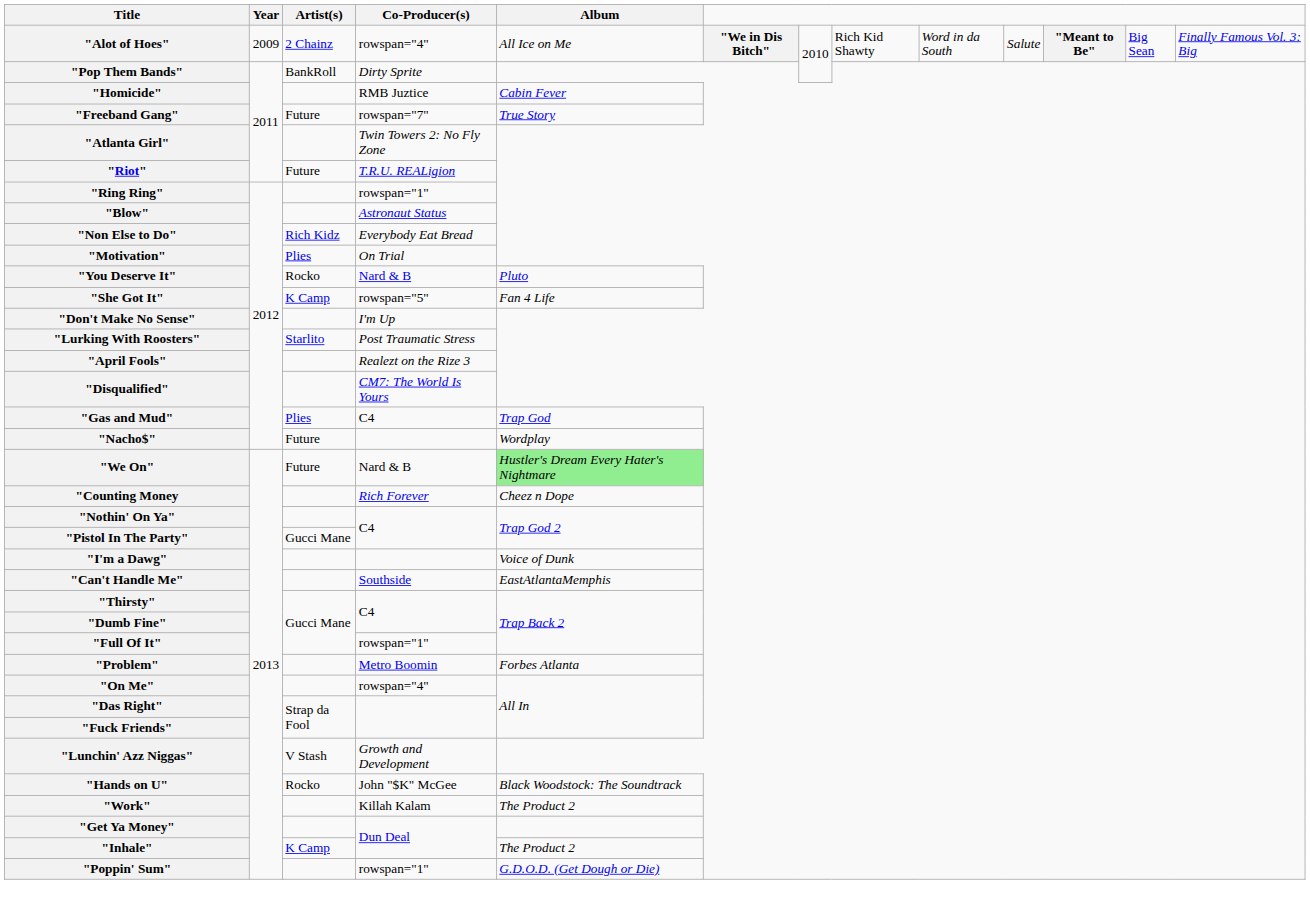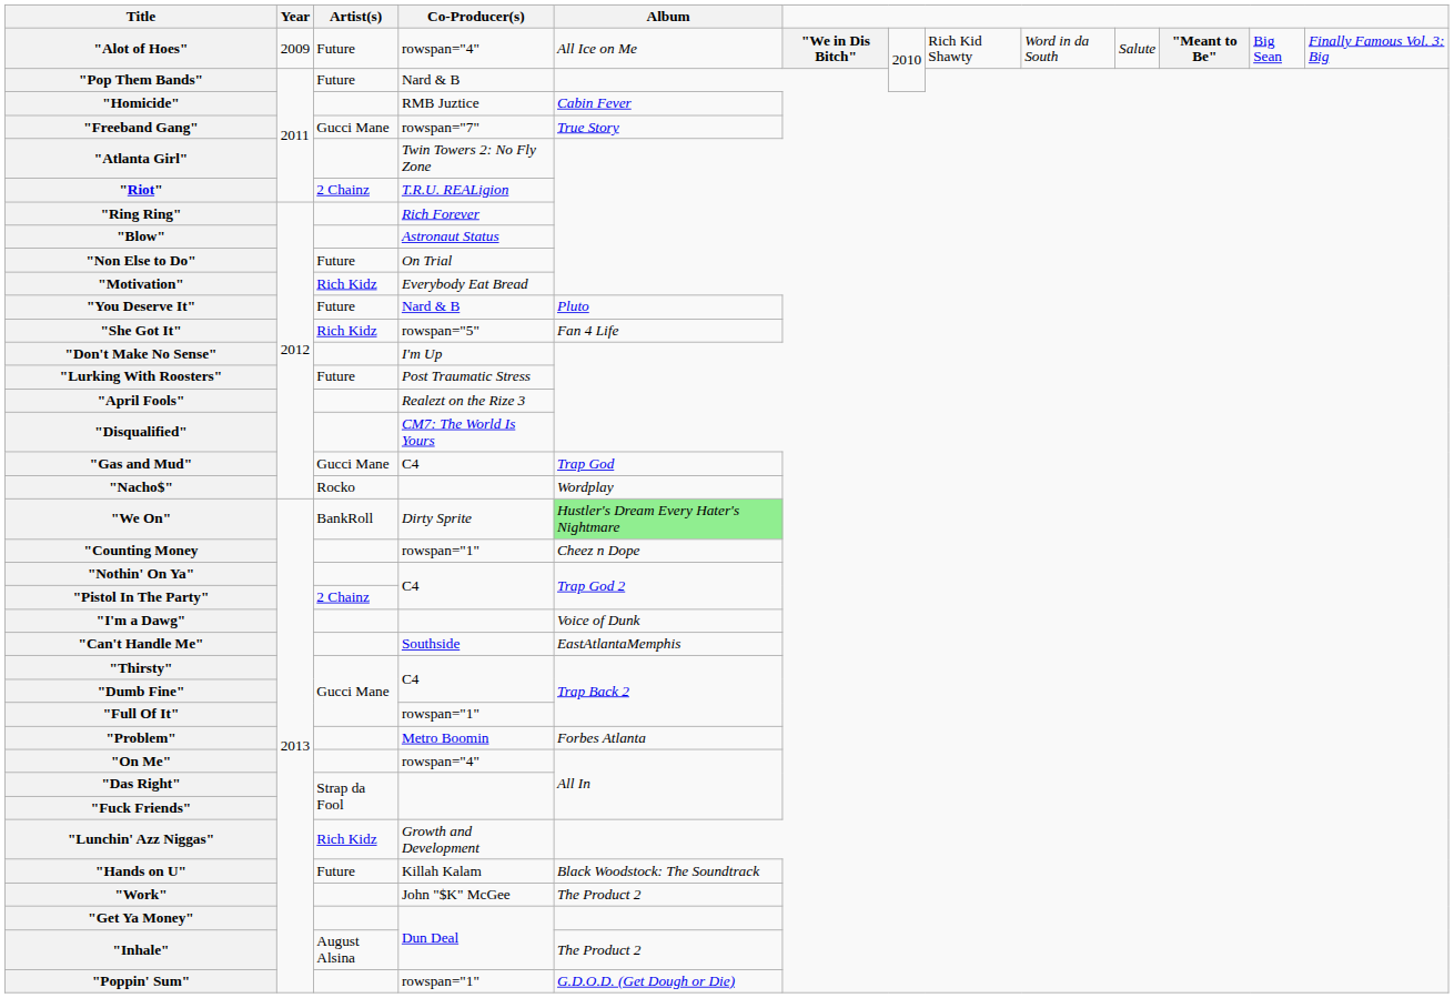 <table class="wikitable plainrowheaders">
 <tr>
 <th scope="col" style="width:18em;">Title</th>
 <th scope="col">Year</th>
 <th scope="col">Artist(s)</th>
 <th scope="col">Co-Producer(s)</th>
 <th scope="col">Album</th>
 </tr>
 <tr>
 <th scope="row">"Alot of Hoes"</th>
 <td rowspan="1">2009</td>
-<td><a href='#'>2 Chainz</a></td>
+<td>Future</td>
 <td>rowspan="4" </td>
 <td><em>All Ice on Me</em></td>
 <th scope="row">"We in Dis Bitch"</th>
 <td rowspan="2">2010</td>
 <td>Rich Kid Shawty</td>
 <td><em>Word in da South</em></td>
 <td><em>Salute</em></td>
 <th scope="row">"Meant to Be"</th>
 <td><a href='#'>Big Sean</a></td>
 <td><em><a href='#'>Finally Famous Vol. 3: Big</a></em></td>
 </tr>
 <tr>
 <th scope="row">"Pop Them Bands"</th>
 <td rowspan="5">2011</td>
-<td>BankRoll</td>
-<td><em>Dirty Sprite</em></td>
+<td>Future</td>
+<td>Nard & B</td>
 </tr>
 <tr>
 <th scope="row">"Homicide"</th>
 <td></td>
 <td>RMB Juztice</td>
 <td><em><a href='#'>Cabin Fever</a></em></td>
 </tr>
 <tr>
 <th scope="row">"Freeband Gang"</th>
-<td>Future</td>
+<td>Gucci Mane</td>
 <td>rowspan="7" </td>
 <td><em><a href='#'>True Story</a></em></td>
 </tr>
 <tr>
 <th scope="row">"Atlanta Girl"</th>
 <td></td>
 <td><em>Twin Towers 2: No Fly Zone</em></td>
 </tr>
 <tr>
 <th scope="row">"<a href='#'>Riot</a>"</th>
-<td>Future</td>
+<td><a href='#'>2 Chainz</a></td>
 <td><em><a href='#'>T.R.U. REALigion</a></em></td>
 </tr>
 <tr>
 <th scope="row">"Ring Ring"</th>
 <td rowspan="12">2012</td>
 <td></td>
-<td>rowspan="1" </td>
+<td><em><a href='#'>Rich Forever</a></em></td>
 </tr>
 <tr>
 <th scope="row">"Blow"</th>
 <td></td>
 <td><em><a href='#'>Astronaut Status</a></em></td>
 </tr>
 <tr>
 <th scope="row">"Non Else to Do"</th>
+<td>Future</td>
+<td><em>On Trial</em></td>
+</tr>
+<tr>
+<th scope="row">"Motivation"</th>
 <td><a href='#'>Rich Kidz</a></td>
 <td><em>Everybody Eat Bread</em></td>
 </tr>
 <tr>
-<th scope="row">"Motivation"</th>
-<td><a href='#'>Plies</a></td>
-<td><em>On Trial</em></td>
-</tr>
-<tr>
 <th scope="row">"You Deserve It"</th>
-<td>Rocko</td>
+<td>Future</td>
 <td><a href='#'>Nard & B</a></td>
 <td><em><a href='#'>Pluto</a></em></td>
 </tr>
 <tr>
 <th scope="row">"She Got It"</th>
-<td><a href='#'>K Camp</a></td>
+<td><a href='#'>Rich Kidz</a></td>
 <td>rowspan="5" </td>
 <td><em>Fan 4 Life</em></td>
 </tr>
 <tr>
 <th scope="row">"Don't Make No Sense"</th>
 <td></td>
 <td><em>I'm Up</em></td>
 </tr>
 <tr>
 <th scope="row">"Lurking With Roosters"</th>
-<td><a href='#'>Starlito</a></td>
+<td>Future</td>
 <td><em>Post Traumatic Stress</em></td>
 </tr>
 <tr>
 <th scope="row">"April Fools"</th>
 <td></td>
 <td><em>Realezt on the Rize 3</em></td>
 </tr>
 <tr>
 <th scope="row">"Disqualified"</th>
 <td></td>
 <td><em><a href='#'>CM7: The World Is Yours</a></em></td>
 </tr>
 <tr>
 <th scope="row">"Gas and Mud"</th>
-<td><a href='#'>Plies</a></td>
+<td>Gucci Mane</td>
 <td>C4</td>
 <td><em><a href='#'>Trap God</a></em></td>
 </tr>
 <tr>
 <th scope="row">"Nacho$"</th>
-<td>Future</td>
+<td>Rocko</td>
 <td></td>
 <td><em>Wordplay</em></td>
 </tr>
 <tr>
 <th scope="row">"We On"</th>
 <td rowspan="26">2013</td>
-<td>Future</td>
-<td>Nard & B</td>
+<td>BankRoll</td>
+<td><em>Dirty Sprite</em></td>
 <td style="background: lightgreen;"><em>Hustler's Dream Every Hater's Nightmare</em></td>
 </tr>
 <tr>
 <th scope="row">"Counting Money</th>
 <td></td>
-<td><em><a href='#'>Rich Forever</a></em></td>
+<td>rowspan="1" </td>
 <td><em>Cheez n Dope</em></td>
 </tr>
 <tr>
 <th scope="row">"Nothin' On Ya"</th>
 <td></td>
 <td rowspan="2">C4</td>
 <td rowspan="2"><em><a href='#'>Trap God 2</a></em></td>
 </tr>
 <tr>
 <th scope="row">"Pistol In The Party"</th>
-<td>Gucci Mane</td>
+<td><a href='#'>2 Chainz</a></td>
 </tr>
 <tr>
 <th scope="row">"I'm a Dawg"</th>
 <td></td>
 <td></td>
 <td><em>Voice of Dunk</em></td>
 </tr>
 <tr>
 <th scope="row">"Can't Handle Me"</th>
 <td></td>
 <td><a href='#'>Southside</a></td>
 <td><em>EastAtlantaMemphis</em></td>
 </tr>
 <tr>
 <th scope="row">"Thirsty"</th>
 <td rowspan="3">Gucci Mane</td>
 <td rowspan="2">C4</td>
 <td rowspan="3"><em><a href='#'>Trap Back 2</a></em></td>
 </tr>
 <tr>
 <th scope="row">"Dumb Fine"</th>
 </tr>
 <tr>
 <th scope="row">"Full Of It"</th>
 <td>rowspan="1" </td>
 </tr>
 <tr>
 <th scope="row">"Problem"</th>
 <td></td>
 <td><a href='#'>Metro Boomin</a></td>
 <td><em>Forbes Atlanta</em></td>
 </tr>
 <tr>
 <th scope="row">"On Me"</th>
 <td></td>
 <td>rowspan="4" </td>
 <td rowspan="3"><em>All In</em></td>
 </tr>
 <tr>
 <th scope="row">"Das Right"</th>
 <td rowspan="2">Strap da Fool</td>
 </tr>
 <tr>
 <th scope="row">"Fuck Friends"</th>
 </tr>
 <tr>
 <th scope="row">"Lunchin' Azz Niggas"</th>
-<td>V Stash</td>
+<td><a href='#'>Rich Kidz</a></td>
 <td><em>Growth and Development</em></td>
 </tr>
 <tr>
 <th scope="row">"Hands on U"</th>
-<td>Rocko</td>
-<td>John "$K" McGee</td>
+<td>Future</td>
+<td>Killah Kalam</td>
 <td><em>Black Woodstock: The Soundtrack</em></td>
 </tr>
 <tr>
 <th scope="row">"Work"</th>
 <td></td>
-<td>Killah Kalam</td>
+<td>John "$K" McGee</td>
 <td><em>The Product 2</em></td>
 </tr>
 <tr>
 <th scope="row">"Get Ya Money"</th>
 <td></td>
 <td rowspan="2"><a href='#'>Dun Deal</a></td>
 <td></td>
 </tr>
 <tr>
 <th scope="row">"Inhale"</th>
-<td><a href='#'>K Camp</a></td>
+<td>August Alsina</td>
 <td><em>The Product 2</em></td>
 </tr>
 <tr>
 <th scope="row">"Poppin' Sum"</th>
 <td></td>
 <td>rowspan="1" </td>
 <td><em><a href='#'>G.D.O.D. (Get Dough or Die)</a></em></td>
 </tr>
 </table>
